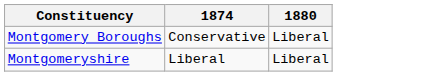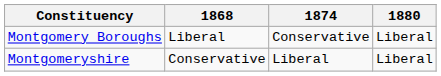 <table class="wikitable">
 <tr>
 <th>Constituency</th>
+<th>1868</th>
 <th>1874</th>
 <th>1880</th>
 </tr>
 <tr>
 <td><a href='#'>Montgomery Boroughs</a></td>
+<td>Liberal</td>
 <td>Conservative</td>
 <td>Liberal</td>
 </tr>
 <tr>
 <td><a href='#'>Montgomeryshire</a></td>
+<td>Conservative</td>
 <td>Liberal</td>
 <td>Liberal</td>
 </tr>
 </table>
